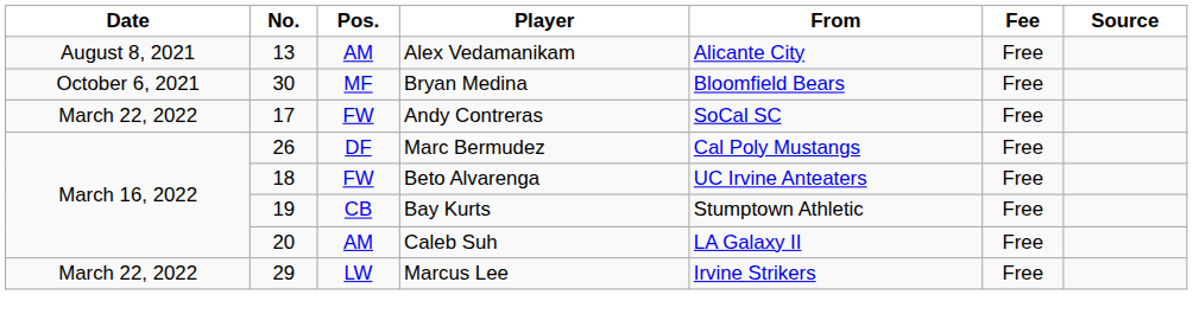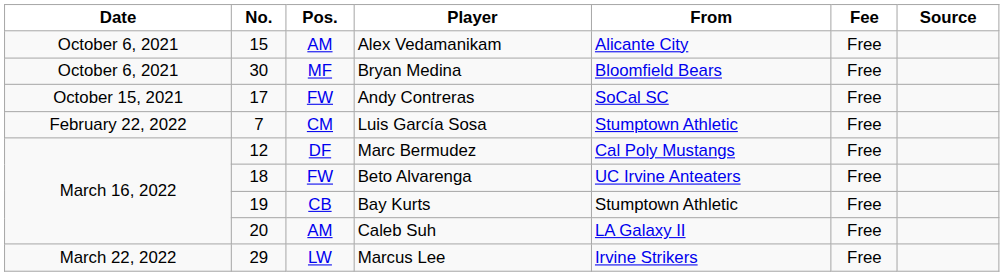 <table class="wikitable plainrowheaders sortable" sortable" style="text-align:center;width:75%;">
 <tr>
 <th scope="col" style="background:#FFFFFF; color:#000000; ">Date</th>
 <th scope="col" style="background:#FFFFFF; color:#000000; ">No.</th>
 <th scope="col" style="background:#FFFFFF; color:#000000; ">Pos.</th>
 <th scope="col" style="background:#FFFFFF; color:#000000; ">Player</th>
 <th scope="col" style="background:#FFFFFF; color:#000000; ">From</th>
 <th scope="col" style="background:#FFFFFF; color:#000000; ">Fee</th>
 <th scope="col" class="unsortable" style="background:#FFFFFF; color:#000000; ">Source</th>
 </tr>
 <tr>
-<td>August 8, 2021</td>
-<td>13</td>
+<td>October 6, 2021</td>
+<td>15</td>
 <td><a href='#'>AM</a></td>
 <td align="left"> Alex Vedamanikam</td>
 <td align="left"> <a href='#'>Alicante City</a></td>
 <td>Free</td>
 <td></td>
 </tr>
 <tr>
 <td>October 6, 2021</td>
 <td>30</td>
 <td><a href='#'>MF</a></td>
 <td align="left"> Bryan Medina</td>
 <td align="left"> <a href='#'>Bloomfield Bears</a></td>
 <td>Free</td>
 <td></td>
 </tr>
 <tr>
-<td>March 22, 2022</td>
+<td>October 15, 2021</td>
 <td>17</td>
 <td><a href='#'>FW</a></td>
 <td align="left"> Andy Contreras</td>
 <td align="left"> <a href='#'>SoCal SC</a></td>
 <td>Free</td>
 <td></td>
 </tr>
 <tr>
+<td>February 22, 2022</td>
+<td>7</td>
+<td><a href='#'>CM</a></td>
+<td align="left"> Luis García Sosa</td>
+<td align="left"> <a href='#'>Stumptown Athletic</a></td>
+<td>Free</td>
+<td></td>
+</tr>
+<tr>
 <td rowspan="4">March 16, 2022</td>
-<td>26</td>
+<td>12</td>
 <td><a href='#'>DF</a></td>
 <td align="left"> Marc Bermudez</td>
 <td align="left"> <a href='#'>Cal Poly Mustangs</a></td>
 <td>Free</td>
 <td></td>
 </tr>
 <tr>
 <td>18</td>
 <td><a href='#'>FW</a></td>
 <td align="left"> Beto Alvarenga</td>
 <td align="left"> <a href='#'>UC Irvine Anteaters</a></td>
 <td>Free</td>
 <td></td>
 </tr>
 <tr>
 <td>19</td>
 <td><a href='#'>CB</a></td>
 <td align="left"> Bay Kurts</td>
 <td align="left"> Stumptown Athletic</td>
 <td>Free</td>
 <td></td>
 </tr>
 <tr>
 <td>20</td>
 <td><a href='#'>AM</a></td>
 <td align="left"> Caleb Suh</td>
 <td align="left"> <a href='#'>LA Galaxy II</a></td>
 <td>Free</td>
 <td></td>
 </tr>
 <tr>
 <td>March 22, 2022</td>
 <td>29</td>
 <td><a href='#'>LW</a></td>
 <td align="left"> Marcus Lee</td>
 <td align="left"> <a href='#'>Irvine Strikers</a></td>
 <td>Free</td>
 <td></td>
 </tr>
 </table>
